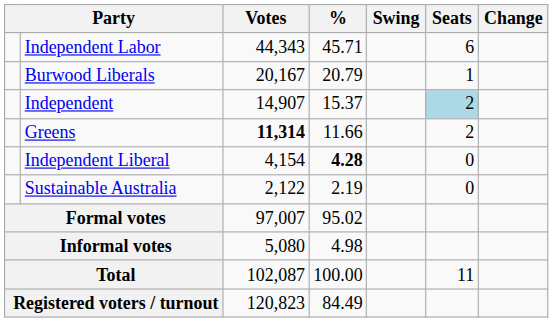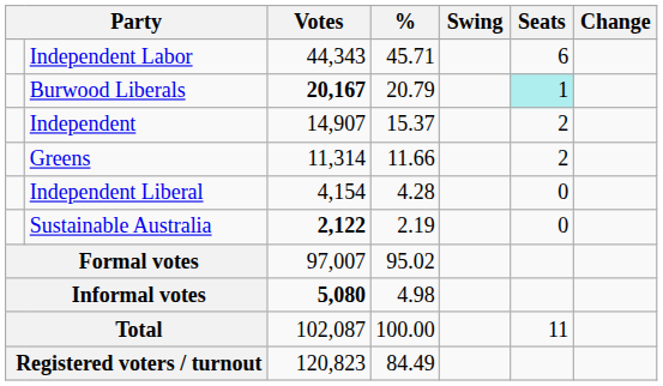 <table class="wikitable" style="text-align:right; margin-bottom:0">
 <tr>
 <th style="width:10px" colspan=3>Party</th>
 <th style="width:70px;">Votes</th>
 <th style="width:40px;">%</th>
 <th style="width:40px;">Swing</th>
 <th style="width:40px;">Seats</th>
 <th style="width:40px;">Change</th>
 </tr>
 <tr>
 <td> </td>
 <td style="text-align:left;" colspan="2"><a href='#'>Independent Labor</a></td>
 <td style="width:70px;">44,343</td>
 <td style="width:40px;">45.71</td>
 <td style="width:45px;"></td>
 <td style="width:40px;">6</td>
 <td style="width:55px;"></td>
 </tr>
 <tr>
 <td> </td>
 <td style="text-align:left;" colspan="2"><a href='#'>Burwood Liberals</a></td>
-<td style="width:70px;">20,167</td>
+<td style="width:70px;"><strong>20,167</strong></td>
 <td style="width:40px;">20.79</td>
 <td style="width:45px;"></td>
-<td style="width:40px;">1</td>
+<td style="background: paleturquoise; width:40px;">1</td>
 <td style="width:55px;"></td>
 </tr>
 <tr>
 <td> </td>
 <td style="text-align:left;" colspan="2"><a href='#'>Independent</a></td>
 <td style="width:70px;">14,907</td>
 <td style="width:40px;">15.37</td>
 <td style="width:45px;"></td>
-<td style="background: lightblue; width:40px;">2</td>
+<td style="width:40px;">2</td>
 <td style="width:55px;"></td>
 </tr>
 <tr>
 <td> </td>
 <td style="text-align:left;" colspan="2"><a href='#'>Greens</a></td>
-<td style="width:70px;"><strong>11,314</strong></td>
+<td style="width:70px;">11,314</td>
 <td style="width:40px;">11.66</td>
 <td style="width:45px;"></td>
 <td style="width:40px;">2</td>
 <td style="width:55px;"></td>
 </tr>
 <tr>
 <td> </td>
 <td style="text-align:left;" colspan="2"><a href='#'>Independent Liberal</a></td>
 <td style="width:70px;">4,154</td>
-<td style="width:40px;"><strong>4.28</strong></td>
+<td style="width:40px;">4.28</td>
 <td style="width:45px;"></td>
 <td style="width:40px;">0</td>
 <td style="width:55px;"></td>
 </tr>
 <tr>
 <td> </td>
 <td style="text-align:left;" colspan="2"><a href='#'>Sustainable Australia</a></td>
-<td style="width:70px;">2,122</td>
+<td style="width:70px;"><strong>2,122</strong></td>
 <td style="width:40px;">2.19</td>
 <td style="width:45px;"></td>
 <td style="width:40px;">0</td>
 <td style="width:55px;"></td>
 </tr>
 <tr>
 <th colspan="3" rowspan="1"> Formal votes</th>
 <td>97,007</td>
 <td>95.02</td>
 <td></td>
 <td></td>
 <td></td>
 </tr>
 <tr>
 <th colspan="3" rowspan="1"> Informal votes</th>
-<td>5,080</td>
+<td><strong>5,080</strong></td>
 <td>4.98</td>
 <td></td>
 <td></td>
 <td></td>
 </tr>
 <tr>
 <th colspan="3" rowspan="1"> <strong>Total </strong></th>
 <td>102,087</td>
 <td>100.00</td>
 <td></td>
 <td>11</td>
 <td></td>
 </tr>
 <tr>
 <th colspan="3" rowspan="1"> Registered voters / turnout</th>
 <td>120,823</td>
 <td>84.49</td>
 <td></td>
 <td></td>
 <td></td>
 </tr>
 </table>
